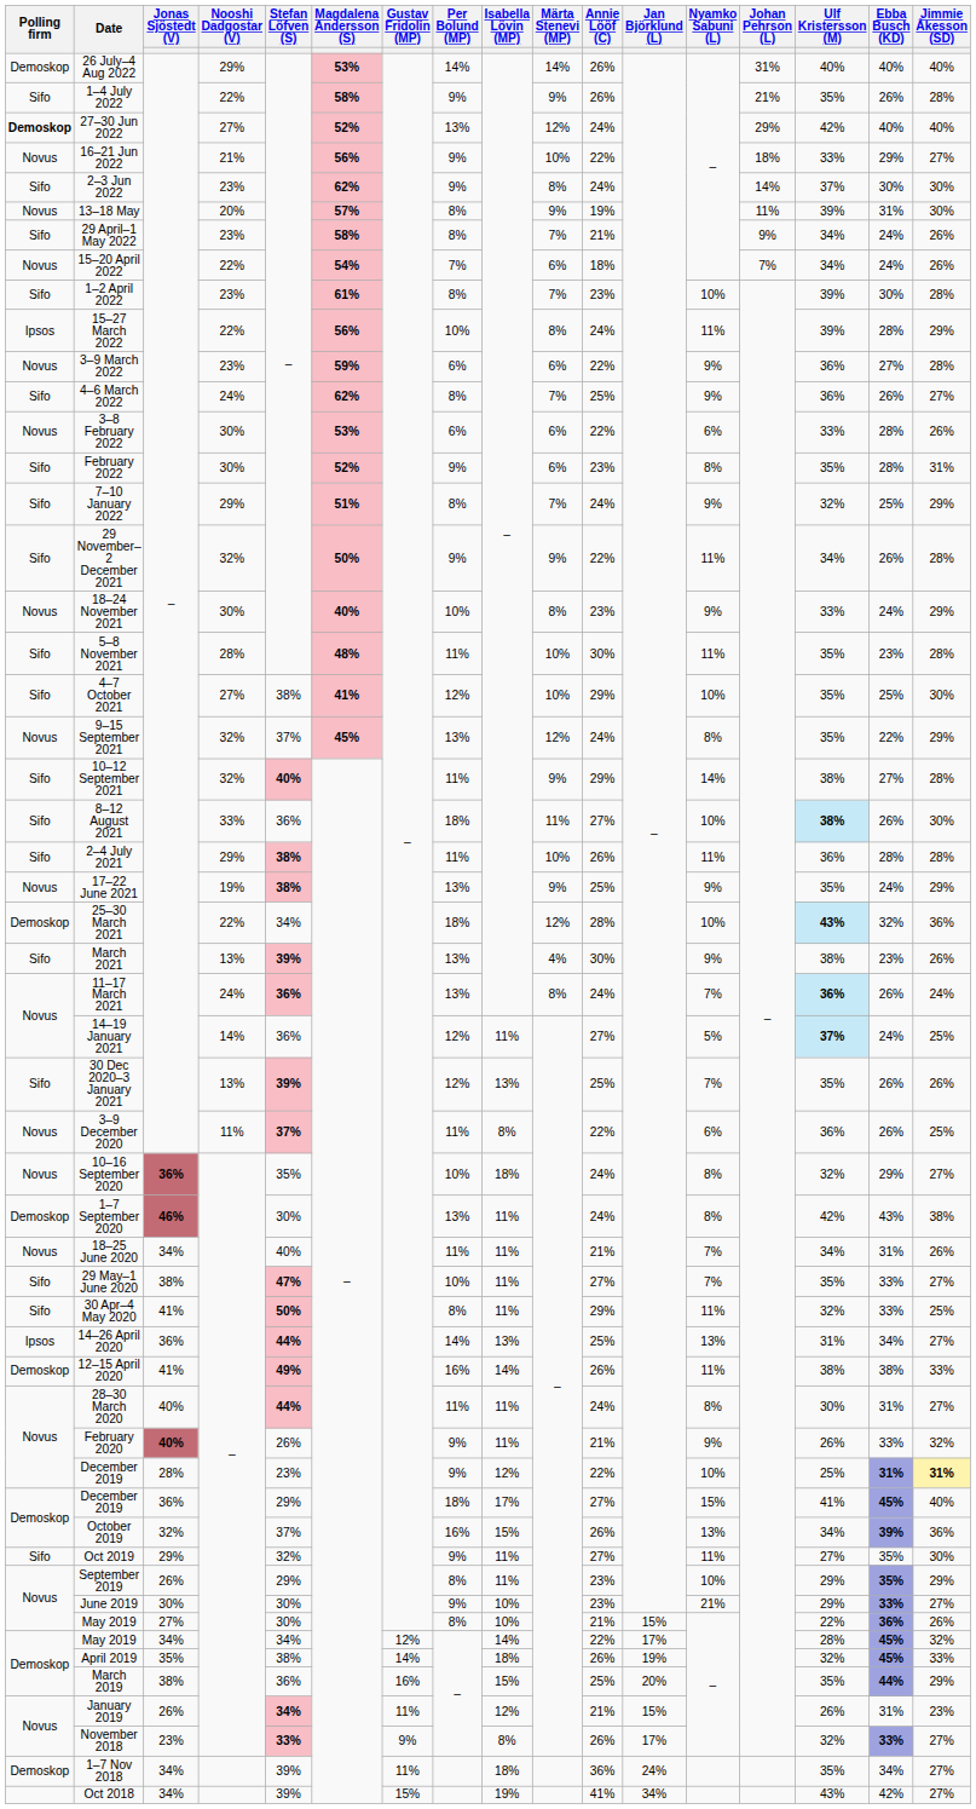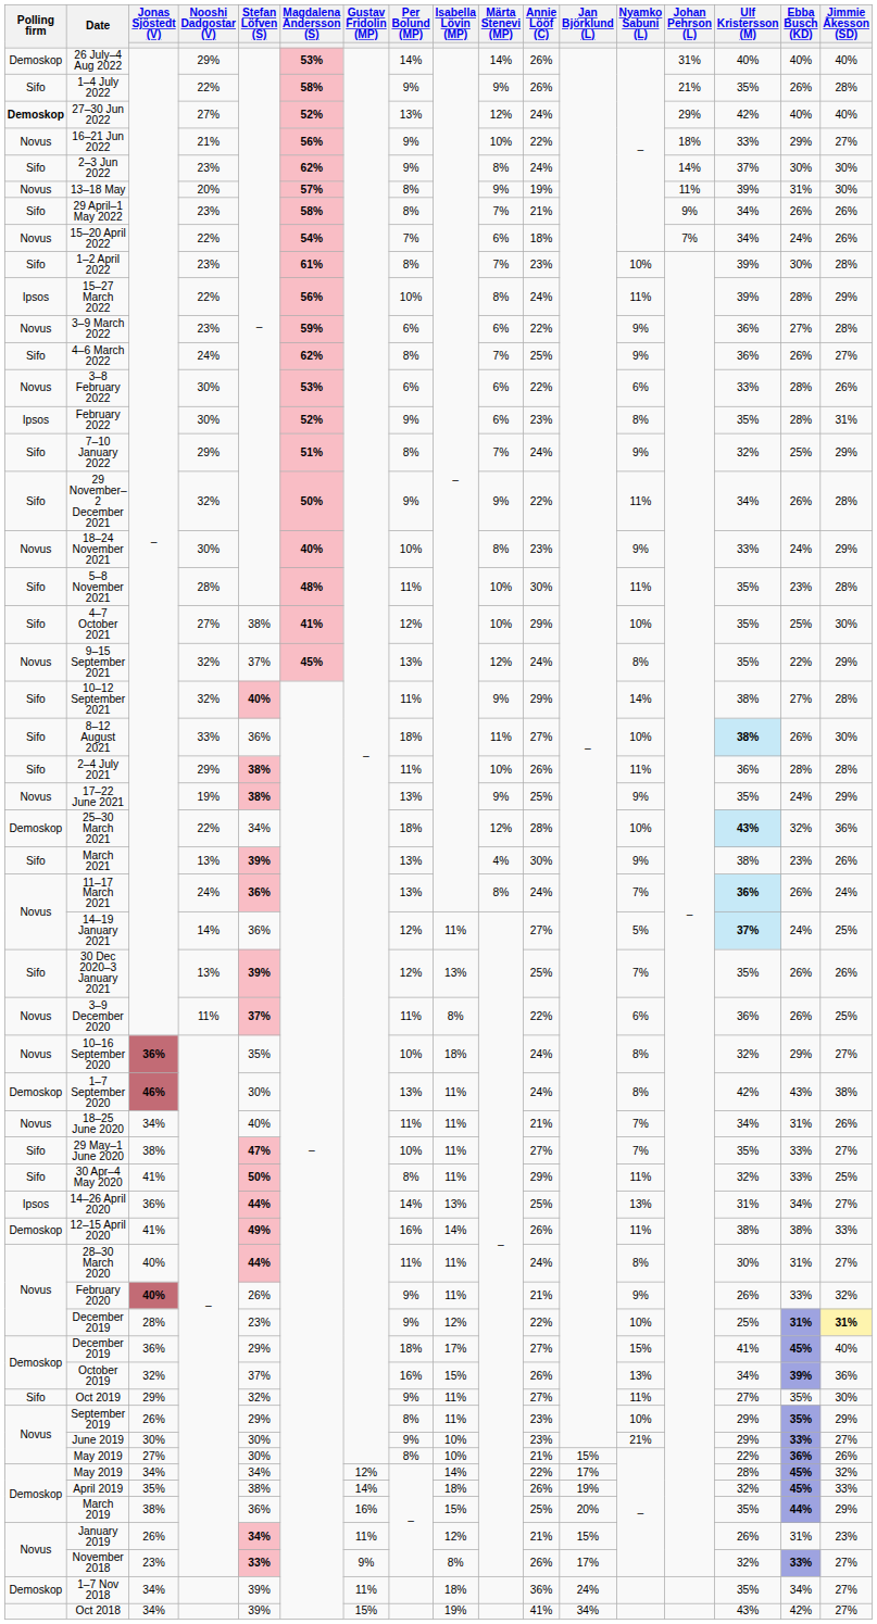 <table class="wikitable sortable" style="text-align:center;font-size:90%;line-height:14px;">
 <tr style="height:40px;">
 <th rowspan="2">Polling firm</th>
 <th rowspan="2">Date</th>
 <th class="sortable" style="width:40px;"><a href='#'>Jonas Sjöstedt (V)</a></th>
 <th class="sortable" style="width:40px;"><a href='#'>Nooshi Dadgostar (V)</a></th>
 <th class="sortable" style="width:40px;"><a href='#'>Stefan Löfven (S)</a></th>
 <th class="sortable" style="width:40px;"><a href='#'>Magdalena Andersson (S)</a></th>
 <th class="sortable" style="width:40px;"><a href='#'>Gustav Fridolin (MP)</a></th>
 <th class="sortable" style="width:40px;"><a href='#'>Per Bolund (MP)</a></th>
 <th class="sortable" style="width:40px;"><a href='#'>Isabella Lövin (MP)</a></th>
 <th class="sortable" style="width:40px;"><a href='#'>Märta Stenevi (MP)</a></th>
 <th class="sortable" style="width:40px;"><a href='#'>Annie Lööf (C)</a></th>
 <th class="sortable" style="width:40px;"><a href='#'>Jan Björklund (L)</a></th>
 <th class="sortable" style="width:40px;"><a href='#'>Nyamko Sabuni (L)</a></th>
 <th class="sortable" style="width:40px;"><a href='#'>Johan Pehrson (L)</a></th>
 <th class="sortable" style="width:40px;"><a href='#'>Ulf Kristersson (M)</a></th>
 <th class="sortable" style="width:40px;"><a href='#'>Ebba Busch (KD)</a></th>
 <th class="sortable" style="width:40px;"><a href='#'>Jimmie Åkesson (SD)</a></th>
 </tr>
 <tr>
 <th style="background:"></th>
 <th style="background:"></th>
 <th style="background:"></th>
 <th style="background:"></th>
 <th style="background:"></th>
 <th style="background:"></th>
 <th style="background:"></th>
 <th style="background:"></th>
 <th style="background:"></th>
 <th style="background:"></th>
 <th style="background:"></th>
 <th style="background:"></th>
 <th style="background:"></th>
 <th style="background:"></th>
 <th style="background:"></th>
 </tr>
 <tr>
 <td>Demoskop</td>
 <td>26 July–4 Aug 2022</td>
 <td rowspan="30">–</td>
 <td>29%</td>
 <td rowspan="18">–</td>
 <td style="background:#F9BDC5;"><strong>53%</strong></td>
 <td rowspan="46">–</td>
 <td>14%</td>
 <td rowspan="27">–</td>
 <td>14%</td>
 <td>26%</td>
 <td rowspan="45">–</td>
 <td rowspan="8">–</td>
 <td>31%</td>
 <td>40%</td>
 <td>40%</td>
 <td>40%</td>
 </tr>
 <tr>
 <td>Sifo</td>
 <td>1–4 July 2022</td>
 <td>22%</td>
 <td style="background:#F9BDC5;"><strong>58%</strong></td>
 <td>9%</td>
 <td>9%</td>
 <td>26%</td>
 <td>21%</td>
 <td>35%</td>
 <td>26%</td>
 <td>28%</td>
 </tr>
 <tr>
 <td><strong>Demoskop</strong></td>
 <td>27–30 Jun 2022</td>
 <td>27%</td>
 <td style="background:#F9BDC5;"><strong>52%</strong></td>
 <td>13%</td>
 <td>12%</td>
 <td>24%</td>
 <td>29%</td>
 <td>42%</td>
 <td>40%</td>
 <td>40%</td>
 </tr>
 <tr>
 <td>Novus</td>
 <td>16–21 Jun 2022</td>
 <td>21%</td>
 <td style="background:#F9BDC5;"><strong>56%</strong></td>
 <td>9%</td>
 <td>10%</td>
 <td>22%</td>
 <td>18%</td>
 <td>33%</td>
 <td>29%</td>
 <td>27%</td>
 </tr>
 <tr>
 <td>Sifo</td>
 <td>2–3 Jun 2022</td>
 <td>23%</td>
 <td style="background:#F9BDC5;"><strong>62%</strong></td>
 <td>9%</td>
 <td>8%</td>
 <td>24%</td>
 <td>14%</td>
 <td>37%</td>
 <td>30%</td>
 <td>30%</td>
 </tr>
 <tr>
 <td>Novus</td>
 <td>13–18 May</td>
 <td>20%</td>
 <td style="background:#F9BDC5;"><strong>57%</strong></td>
 <td>8%</td>
 <td>9%</td>
 <td>19%</td>
 <td>11%</td>
 <td>39%</td>
 <td>31%</td>
 <td>30%</td>
 </tr>
 <tr>
 <td>Sifo</td>
 <td>29 April–1 May 2022</td>
 <td>23%</td>
 <td style="background:#F9BDC5;"><strong>58%</strong></td>
 <td>8%</td>
 <td>7%</td>
 <td>21%</td>
 <td>9%</td>
 <td>34%</td>
-<td>24%</td>
+<td>26%</td>
 <td>26%</td>
 </tr>
 <tr>
 <td>Novus</td>
 <td>15–20 April 2022</td>
 <td>22%</td>
 <td style="background:#F9BDC5;"><strong>54%</strong></td>
 <td>7%</td>
 <td>6%</td>
 <td>18%</td>
 <td>7%</td>
 <td>34%</td>
 <td>24%</td>
 <td>26%</td>
 </tr>
 <tr>
 <td>Sifo</td>
 <td>1–2 April 2022</td>
 <td>23%</td>
 <td style="background:#F9BDC5;"><strong>61%</strong></td>
 <td>8%</td>
 <td>7%</td>
 <td>23%</td>
 <td>10%</td>
 <td rowspan="43">–</td>
 <td>39%</td>
 <td>30%</td>
 <td>28%</td>
 </tr>
 <tr>
 <td>Ipsos</td>
 <td>15–27 March 2022</td>
 <td>22%</td>
 <td style="background:#F9BDC5;"><strong>56%</strong></td>
 <td>10%</td>
 <td>8%</td>
 <td>24%</td>
 <td>11%</td>
 <td>39%</td>
 <td>28%</td>
 <td>29%</td>
 </tr>
 <tr>
 <td>Novus</td>
 <td>3–9 March 2022</td>
 <td>23%</td>
 <td style="background:#F9BDC5;"><strong>59%</strong></td>
 <td>6%</td>
 <td>6%</td>
 <td>22%</td>
 <td>9%</td>
 <td>36%</td>
 <td>27%</td>
 <td>28%</td>
 </tr>
 <tr>
 <td>Sifo</td>
 <td>4–6 March 2022</td>
 <td>24%</td>
 <td style="background:#F9BDC5;"><strong>62%</strong></td>
 <td>8%</td>
 <td>7%</td>
 <td>25%</td>
 <td>9%</td>
 <td>36%</td>
 <td>26%</td>
 <td>27%</td>
 </tr>
 <tr>
 <td>Novus</td>
 <td>3–8 February 2022</td>
 <td>30%</td>
 <td style="background:#F9BDC5;"><strong>53%</strong></td>
 <td>6%</td>
 <td>6%</td>
 <td>22%</td>
 <td>6%</td>
 <td>33%</td>
 <td>28%</td>
 <td>26%</td>
 </tr>
 <tr>
-<td>Sifo</td>
+<td>Ipsos</td>
 <td>February 2022</td>
 <td>30%</td>
 <td style="background:#F9BDC5;"><strong>52%</strong></td>
 <td>9%</td>
 <td>6%</td>
 <td>23%</td>
 <td>8%</td>
 <td>35%</td>
 <td>28%</td>
 <td>31%</td>
 </tr>
 <tr>
 <td>Sifo</td>
 <td>7–10 January 2022</td>
 <td>29%</td>
 <td style="background:#F9BDC5;"><strong>51%</strong></td>
 <td>8%</td>
 <td>7%</td>
 <td>24%</td>
 <td>9%</td>
 <td>32%</td>
 <td>25%</td>
 <td>29%</td>
 </tr>
 <tr>
 <td>Sifo</td>
 <td>29 November–2 December 2021</td>
 <td>32%</td>
 <td style="background:#F9BDC5;"><strong>50%</strong></td>
 <td>9%</td>
 <td>9%</td>
 <td>22%</td>
 <td>11%</td>
 <td>34%</td>
 <td>26%</td>
 <td>28%</td>
 </tr>
 <tr>
 <td>Novus</td>
 <td>18–24 November 2021</td>
 <td>30%</td>
 <td style="background:#F9BDC5;"><strong>40%</strong></td>
 <td>10%</td>
 <td>8%</td>
 <td>23%</td>
 <td>9%</td>
 <td>33%</td>
 <td>24%</td>
 <td>29%</td>
 </tr>
 <tr>
 <td>Sifo</td>
 <td>5–8 November 2021</td>
 <td>28%</td>
 <td style="background:#F9BDC5;"><strong>48%</strong></td>
 <td>11%</td>
 <td>10%</td>
 <td>30%</td>
 <td>11%</td>
 <td>35%</td>
 <td>23%</td>
 <td>28%</td>
 </tr>
 <tr>
 <td>Sifo</td>
 <td>4–7 October 2021</td>
 <td>27%</td>
 <td>38%</td>
 <td style="background:#F9BDC5;"><strong>41%</strong></td>
 <td>12%</td>
 <td>10%</td>
 <td>29%</td>
 <td>10%</td>
 <td>35%</td>
 <td>25%</td>
 <td>30%</td>
 </tr>
 <tr>
 <td>Novus</td>
 <td>9–15 September 2021</td>
 <td>32%</td>
 <td>37%</td>
 <td style="background:#F9BDC5;"><strong>45%</strong></td>
 <td>13%</td>
 <td>12%</td>
 <td>24%</td>
 <td>8%</td>
 <td>35%</td>
 <td>22%</td>
 <td>29%</td>
 </tr>
 <tr>
 <td>Sifo</td>
 <td>10–12 September 2021</td>
 <td>32%</td>
 <td style="background:#F9BDC5;"><strong>40%</strong></td>
 <td rowspan="34">–</td>
 <td>11%</td>
 <td>9%</td>
 <td>29%</td>
 <td>14%</td>
 <td>38%</td>
 <td>27%</td>
 <td>28%</td>
 </tr>
 <tr>
 <td>Sifo</td>
 <td>8–12 August 2021</td>
 <td>33%</td>
 <td>36%</td>
 <td>18%</td>
 <td>11%</td>
 <td>27%</td>
 <td>10%</td>
 <td style="background:#C6E9F7;"><strong>38%</strong></td>
 <td>26%</td>
 <td>30%</td>
 </tr>
 <tr>
 <td>Sifo</td>
 <td>2–4 July 2021</td>
 <td>29%</td>
 <td style="background:#F9BDC5;"><strong>38%</strong></td>
 <td>11%</td>
 <td>10%</td>
 <td>26%</td>
 <td>11%</td>
 <td>36%</td>
 <td>28%</td>
 <td>28%</td>
 </tr>
 <tr>
 <td>Novus</td>
 <td>17–22 June 2021</td>
 <td>19%</td>
 <td style="background:#F9BDC5;"><strong>38%</strong></td>
 <td>13%</td>
 <td>9%</td>
 <td>25%</td>
 <td>9%</td>
 <td>35%</td>
 <td>24%</td>
 <td>29%</td>
 </tr>
 <tr>
 <td>Demoskop</td>
 <td>25–30 March 2021</td>
 <td>22%</td>
 <td>34%</td>
 <td>18%</td>
 <td>12%</td>
 <td>28%</td>
 <td>10%</td>
 <td style="background:#C6E9F7;"><strong>43%</strong></td>
 <td>32%</td>
 <td>36%</td>
 </tr>
 <tr>
 <td>Sifo</td>
 <td>March 2021</td>
 <td>13%</td>
 <td style="background:#F9BDC5;"><strong>39%</strong></td>
 <td>13%</td>
 <td>4%</td>
 <td>30%</td>
 <td>9%</td>
 <td>38%</td>
 <td>23%</td>
 <td>26%</td>
 </tr>
 <tr>
 <td rowspan="2">Novus</td>
 <td>11–17 March 2021</td>
 <td>24%</td>
 <td style="background:#F9BDC5;"><strong>36%</strong></td>
 <td>13%</td>
 <td>8%</td>
 <td>24%</td>
 <td>7%</td>
 <td style="background:#C6E9F7;"><strong>36%</strong></td>
 <td>26%</td>
 <td>24%</td>
 </tr>
 <tr>
 <td>14–19 January 2021</td>
 <td>14%</td>
 <td>36%</td>
 <td>12%</td>
 <td>11%</td>
 <td rowspan="24">–</td>
 <td>27%</td>
 <td>5%</td>
 <td style="background:#C6E9F7;"><strong>37%</strong></td>
 <td>24%</td>
 <td>25%</td>
 </tr>
 <tr>
 <td>Sifo</td>
 <td>30 Dec 2020–3 January 2021</td>
 <td>13%</td>
 <td style="background:#F9BDC5;"><strong>39%</strong></td>
 <td>12%</td>
 <td>13%</td>
 <td>25%</td>
 <td>7%</td>
 <td>35%</td>
 <td>26%</td>
 <td>26%</td>
 </tr>
 <tr>
 <td>Novus</td>
 <td>3–9 December 2020</td>
 <td>11%</td>
 <td style="background:#F9BDC5;"><strong>37%</strong></td>
 <td>11%</td>
 <td>8%</td>
 <td>22%</td>
 <td>6%</td>
 <td>36%</td>
 <td>26%</td>
 <td>25%</td>
 </tr>
 <tr>
 <td>Novus</td>
 <td>10–16 September  2020</td>
 <td style="background:#c26b75;"><strong>36%</strong></td>
 <td rowspan="21">–</td>
 <td>35%</td>
 <td>10%</td>
 <td>18%</td>
 <td>24%</td>
 <td>8%</td>
 <td>32%</td>
 <td>29%</td>
 <td>27%</td>
 </tr>
 <tr>
 <td>Demoskop</td>
 <td>1–7 September 2020</td>
 <td style="background:#c26b75;"><strong>46%</strong></td>
 <td>30%</td>
 <td>13%</td>
 <td>11%</td>
 <td>24%</td>
 <td>8%</td>
 <td>42%</td>
 <td>43%</td>
 <td>38%</td>
 </tr>
 <tr>
 <td>Novus</td>
 <td>18–25 June 2020</td>
 <td>34%</td>
 <td>40%</td>
 <td>11%</td>
 <td>11%</td>
 <td>21%</td>
 <td>7%</td>
 <td>34%</td>
 <td>31%</td>
 <td>26%</td>
 </tr>
 <tr>
 <td>Sifo</td>
 <td>29 May–1 June 2020</td>
 <td>38%</td>
 <td style="background:#F9BDC5;"><strong>47%</strong></td>
 <td>10%</td>
 <td>11%</td>
 <td>27%</td>
 <td>7%</td>
 <td>35%</td>
 <td>33%</td>
 <td>27%</td>
 </tr>
 <tr>
 <td>Sifo</td>
 <td>30 Apr–4 May 2020</td>
 <td>41%</td>
 <td style="background:#F9BDC5;"><strong>50%</strong></td>
 <td>8%</td>
 <td>11%</td>
 <td>29%</td>
 <td>11%</td>
 <td>32%</td>
 <td>33%</td>
 <td>25%</td>
 </tr>
 <tr>
 <td>Ipsos</td>
 <td>14–26 April 2020</td>
 <td>36%</td>
 <td style="background:#F9BDC5;"><strong>44%</strong></td>
 <td>14%</td>
 <td>13%</td>
 <td>25%</td>
 <td>13%</td>
 <td>31%</td>
 <td>34%</td>
 <td>27%</td>
 </tr>
 <tr>
 <td>Demoskop</td>
 <td>12–15 April 2020</td>
 <td>41%</td>
 <td style="background:#F9BDC5;"><strong>49%</strong></td>
 <td>16%</td>
 <td>14%</td>
 <td>26%</td>
 <td>11%</td>
 <td>38%</td>
 <td>38%</td>
 <td>33%</td>
 </tr>
 <tr>
 <td rowspan="3">Novus</td>
 <td>28–30 March 2020</td>
 <td>40%</td>
 <td style="background:#F9BDC5;"><strong>44%</strong></td>
 <td>11%</td>
 <td>11%</td>
 <td>24%</td>
 <td>8%</td>
 <td>30%</td>
 <td>31%</td>
 <td>27%</td>
 </tr>
 <tr>
 <td>February  2020</td>
 <td style="background:#c26b75;"><strong>40%</strong></td>
 <td>26%</td>
 <td>9%</td>
 <td>11%</td>
 <td>21%</td>
 <td>9%</td>
 <td>26%</td>
 <td>33%</td>
 <td>32%</td>
 </tr>
 <tr>
 <td>December  2019</td>
 <td>28%</td>
 <td>23%</td>
 <td>9%</td>
 <td>12%</td>
 <td>22%</td>
 <td>10%</td>
 <td>25%</td>
 <td style="background:#9ea3e0;"><strong>31%</strong></td>
 <td style="background:#FEF4AE;"><strong>31%</strong></td>
 </tr>
 <tr>
 <td rowspan="2">Demoskop</td>
 <td>December 2019</td>
 <td>36%</td>
 <td>29%</td>
 <td>18%</td>
 <td>17%</td>
 <td>27%</td>
 <td>15%</td>
 <td>41%</td>
 <td style="background:#9ea3e0;"><strong>45%</strong></td>
 <td>40%</td>
 </tr>
 <tr>
 <td>October 2019</td>
 <td>32%</td>
 <td>37%</td>
 <td>16%</td>
 <td>15%</td>
 <td>26%</td>
 <td>13%</td>
 <td>34%</td>
 <td style="background:#9ea3e0;"><strong>39%</strong></td>
 <td>36%</td>
 </tr>
 <tr>
 <td>Sifo</td>
 <td>Oct 2019</td>
 <td>29%</td>
 <td>32%</td>
 <td>9%</td>
 <td>11%</td>
 <td>27%</td>
 <td>11%</td>
 <td>27%</td>
 <td>35%</td>
 <td>30%</td>
 </tr>
 <tr>
 <td rowspan="3">Novus</td>
 <td>September 2019</td>
 <td>26%</td>
 <td>29%</td>
 <td>8%</td>
 <td>11%</td>
 <td>23%</td>
 <td>10%</td>
 <td>29%</td>
 <td style="background:#9ea3e0;"><strong>35%</strong></td>
 <td>29%</td>
 </tr>
 <tr>
 <td>June 2019</td>
 <td>30%</td>
 <td>30%</td>
 <td>9%</td>
 <td>10%</td>
 <td>23%</td>
 <td>21%</td>
 <td>29%</td>
 <td style="background:#9ea3e0;"><strong>33%</strong></td>
 <td>27%</td>
 </tr>
 <tr>
 <td>May 2019</td>
 <td>27%</td>
 <td>30%</td>
 <td>8%</td>
 <td>10%</td>
 <td>21%</td>
 <td>15%</td>
 <td rowspan="6">–</td>
 <td>22%</td>
 <td style="background:#9ea3e0;"><strong>36%</strong></td>
 <td>26%</td>
 </tr>
 <tr>
 <td rowspan="3">Demoskop</td>
 <td>May 2019</td>
 <td>34%</td>
 <td>34%</td>
 <td>12%</td>
 <td rowspan="5">–</td>
 <td>14%</td>
 <td>22%</td>
 <td>17%</td>
 <td>28%</td>
 <td style="background:#9ea3e0;"><strong>45%</strong></td>
 <td>32%</td>
 </tr>
 <tr>
 <td>April 2019</td>
 <td>35%</td>
 <td>38%</td>
 <td>14%</td>
 <td>18%</td>
 <td>26%</td>
 <td>19%</td>
 <td>32%</td>
 <td style="background:#9ea3e0;"><strong>45%</strong></td>
 <td>33%</td>
 </tr>
 <tr>
 <td>March 2019</td>
 <td>38%</td>
 <td>36%</td>
 <td>16%</td>
 <td>15%</td>
 <td>25%</td>
 <td>20%</td>
 <td>35%</td>
 <td style="background:#9ea3e0;"><strong>44%</strong></td>
 <td>29%</td>
 </tr>
 <tr>
 <td rowspan="2">Novus</td>
 <td>January  2019</td>
 <td>26%</td>
 <td style="background:#F9BDC5;"><strong>34%</strong></td>
 <td>11%</td>
 <td>12%</td>
 <td>21%</td>
 <td>15%</td>
 <td>26%</td>
 <td>31%</td>
 <td>23%</td>
 </tr>
 <tr>
 <td>November 2018</td>
 <td>23%</td>
 <td style="background:#F9BDC5;"><strong>33%</strong></td>
 <td>9%</td>
 <td>8%</td>
 <td>26%</td>
 <td>17%</td>
 <td>32%</td>
 <td style="background:#9ea3e0;"><strong>33%</strong></td>
 <td>27%</td>
 </tr>
 <tr>
 <td>Demoskop</td>
 <td>1–7 Nov 2018</td>
 <td>34%</td>
 <td></td>
 <td>39%</td>
 <td>11%</td>
 <td></td>
 <td>18%</td>
 <td></td>
 <td>36%</td>
 <td>24%</td>
 <td></td>
 <td></td>
 <td>35%</td>
 <td>34%</td>
 <td>27%</td>
 </tr>
 <tr>
 <td></td>
 <td>Oct 2018</td>
 <td>34%</td>
 <td></td>
 <td>39%</td>
 <td>15%</td>
 <td></td>
 <td>19%</td>
 <td></td>
 <td>41%</td>
 <td>34%</td>
 <td></td>
 <td></td>
 <td>43%</td>
 <td>42%</td>
 <td>27%</td>
 </tr>
 </table>
